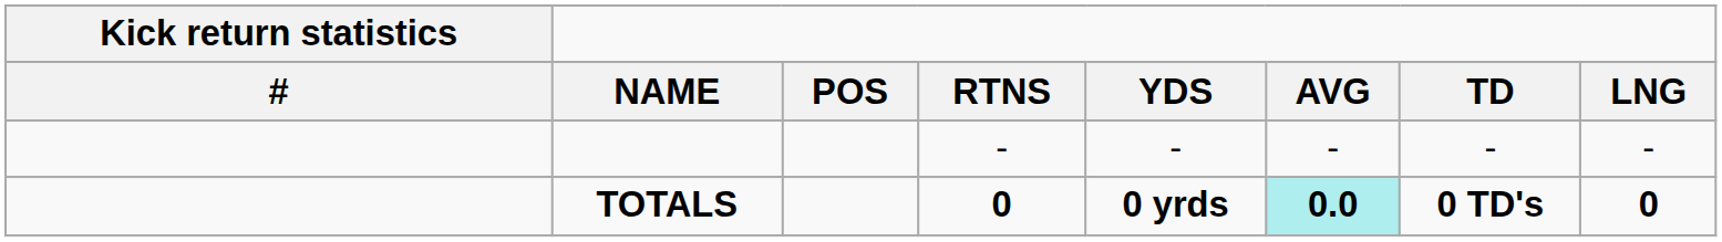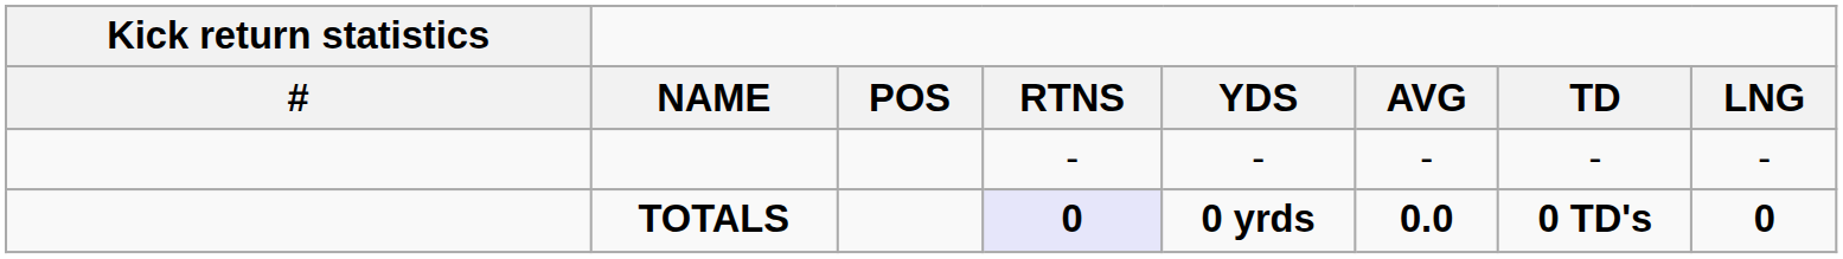 <table style="width:60%; text-align:center;" class="wikitable collapsible collapsed">
 <tr>
 <th style="text-align:center; ">Kick return statistics</th>
 </tr>
 <tr>
 <th>#</th>
 <th>NAME</th>
 <th>POS</th>
 <th>RTNS</th>
 <th>YDS</th>
 <th>AVG</th>
 <th>TD</th>
 <th>LNG</th>
 </tr>
 <tr>
 <td></td>
 <td></td>
 <td></td>
 <td>-</td>
 <td>-</td>
 <td>-</td>
 <td>-</td>
 <td>-</td>
 </tr>
 <tr>
 <td></td>
 <td><strong>TOTALS</strong></td>
 <td></td>
-<td><strong>0</strong></td>
+<td style="background: lavender;"><strong>0</strong></td>
 <td><strong>0 yrds</strong></td>
-<td style="background: paleturquoise;"><strong>0.0</strong></td>
+<td><strong>0.0</strong></td>
 <td><strong>0 TD's</strong></td>
 <td><strong>0</strong></td>
 </tr>
 </table>
